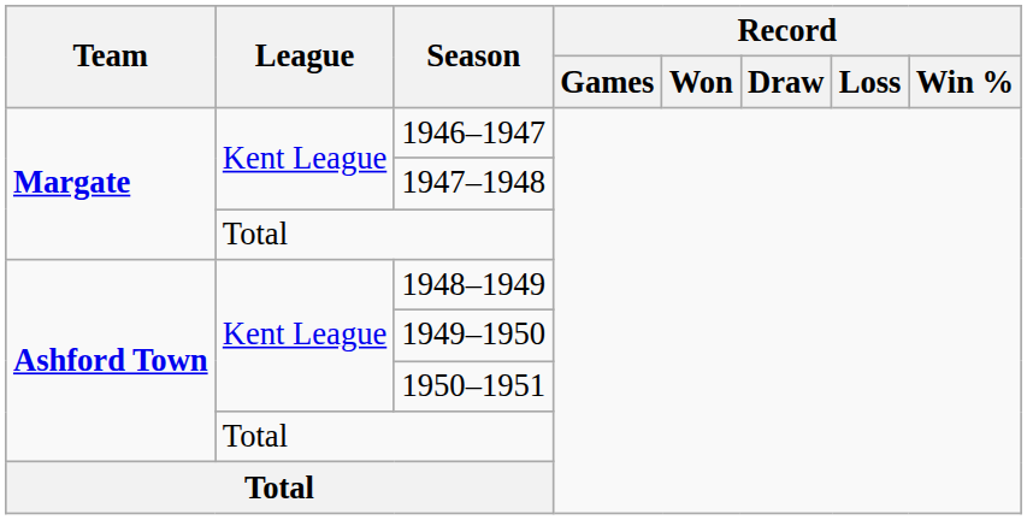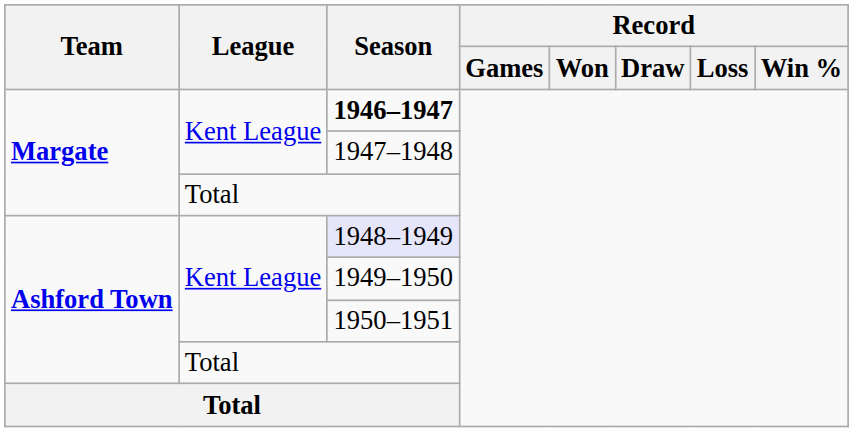 <table class="wikitable" style="text-align:centre">
 <tr>
 <th rowspan=2>Team</th>
 <th rowspan=2>League</th>
 <th rowspan=2>Season</th>
 <th colspan=8>Record</th>
 </tr>
 <tr>
 <th>Games</th>
 <th>Won</th>
 <th>Draw</th>
 <th>Loss</th>
 <th>Win %</th>
 </tr>
 <tr>
 <td align=left rowspan=3><a href='#'><strong>Margate</strong></a></td>
 <td align=left rowspan=2><a href='#'>Kent League</a></td>
-<td align=left>1946–1947<br></td>
+<td align=left><strong>1946–1947<br></strong></td>
 </tr>
 <tr>
 <td align=left>1947–1948<br></td>
 </tr>
 <tr>
 <td align=left colspan=2>Total<br></td>
 </tr>
 <tr>
 <td align=left rowspan=4><a href='#'><strong>Ashford Town</strong></a></td>
 <td align=left rowspan=3><a href='#'>Kent League</a></td>
-<td align=left>1948–1949<br></td>
+<td align=left style="background: lavender;">1948–1949<br></td>
 </tr>
 <tr>
 <td align=left>1949–1950<br></td>
 </tr>
 <tr>
 <td align=left>1950–1951<br></td>
 </tr>
 <tr>
 <td colspan=2>Total<br></td>
 </tr>
 <tr>
 <th colspan="3">Total<br></th>
 </tr>
 </table>
